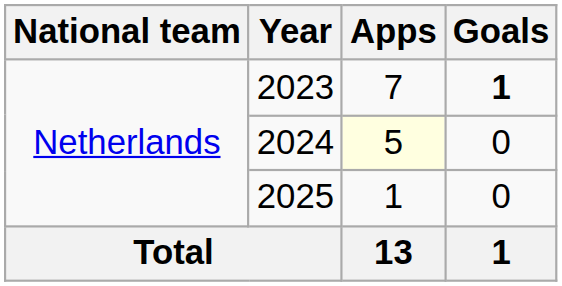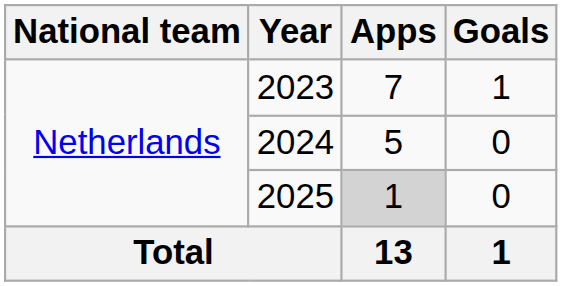 <table class="wikitable" style="text-align: center;">
 <tr>
 <th>National team</th>
 <th>Year</th>
 <th>Apps</th>
 <th>Goals</th>
 </tr>
 <tr>
 <td rowspan="3"><a href='#'>Netherlands</a></td>
 <td>2023</td>
 <td>7</td>
-<td><strong>1</strong></td>
+<td>1</td>
 </tr>
 <tr>
 <td>2024</td>
-<td style="background: lightyellow;">5</td>
+<td>5</td>
 <td>0</td>
 </tr>
 <tr>
 <td>2025</td>
-<td>1</td>
+<td style="background: lightgrey;">1</td>
 <td>0</td>
 </tr>
 <tr>
 <th colspan="2">Total</th>
 <th>13</th>
 <th>1</th>
 </tr>
 </table>
